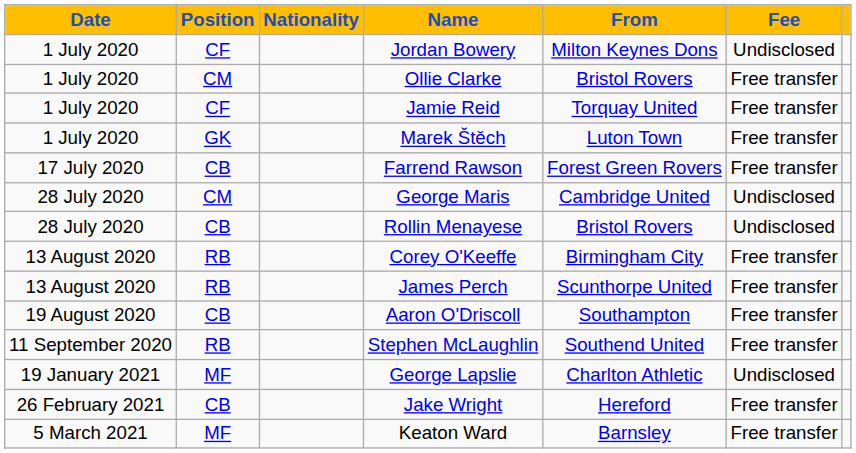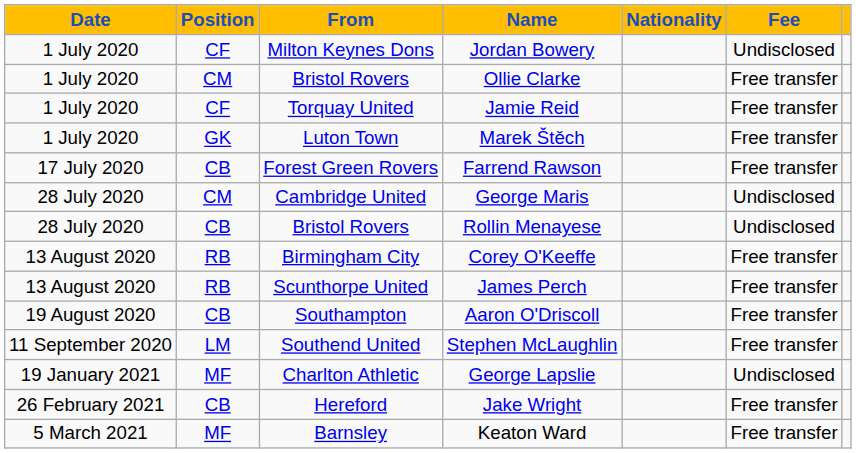 <table class="wikitable"  style="text-align:center; font-size:90%; ">
 <tr>
 <th style="background:#ffbf00; color:#1C4EBD ">Date</th>
 <th style="background:#ffbf00; color:#1C4EBD ">Position</th>
+<th style="background:#ffbf00; color:#1C4EBD ">From</th>
+<th style="background:#ffbf00; color:#1C4EBD ">Name</th>
 <th style="background:#ffbf00; color:#1C4EBD ">Nationality</th>
-<th style="background:#ffbf00; color:#1C4EBD ">Name</th>
-<th style="background:#ffbf00; color:#1C4EBD ">From</th>
 <th style="background:#ffbf00; color:#1C4EBD ">Fee</th>
 <th style="background:#ffbf00; color:#1C4EBD "></th>
 </tr>
 <tr>
 <td>1 July 2020</td>
 <td><a href='#'>CF</a></td>
+<td> <a href='#'>Milton Keynes Dons</a></td>
+<td><a href='#'>Jordan Bowery</a></td>
 <td></td>
-<td><a href='#'>Jordan Bowery</a></td>
-<td> <a href='#'>Milton Keynes Dons</a></td>
 <td>Undisclosed</td>
 <td></td>
 </tr>
 <tr>
 <td>1 July 2020</td>
 <td><a href='#'>CM</a></td>
+<td> <a href='#'>Bristol Rovers</a></td>
+<td><a href='#'>Ollie Clarke</a></td>
 <td></td>
-<td><a href='#'>Ollie Clarke</a></td>
-<td> <a href='#'>Bristol Rovers</a></td>
 <td>Free transfer</td>
 <td></td>
 </tr>
 <tr>
 <td>1 July 2020</td>
 <td><a href='#'>CF</a></td>
+<td> <a href='#'>Torquay United</a></td>
+<td><a href='#'>Jamie Reid</a></td>
 <td></td>
-<td><a href='#'>Jamie Reid</a></td>
-<td> <a href='#'>Torquay United</a></td>
 <td>Free transfer</td>
 <td></td>
 </tr>
 <tr>
 <td>1 July 2020</td>
 <td><a href='#'>GK</a></td>
+<td> <a href='#'>Luton Town</a></td>
+<td><a href='#'>Marek Štěch</a></td>
 <td></td>
-<td><a href='#'>Marek Štěch</a></td>
-<td> <a href='#'>Luton Town</a></td>
 <td>Free transfer</td>
 <td></td>
 </tr>
 <tr>
 <td>17 July 2020</td>
 <td><a href='#'>CB</a></td>
+<td> <a href='#'>Forest Green Rovers</a></td>
+<td><a href='#'>Farrend Rawson</a></td>
 <td></td>
-<td><a href='#'>Farrend Rawson</a></td>
-<td> <a href='#'>Forest Green Rovers</a></td>
 <td>Free transfer</td>
 <td></td>
 </tr>
 <tr>
 <td>28 July 2020</td>
 <td><a href='#'>CM</a></td>
+<td> <a href='#'>Cambridge United</a></td>
+<td><a href='#'>George Maris</a></td>
 <td></td>
-<td><a href='#'>George Maris</a></td>
-<td> <a href='#'>Cambridge United</a></td>
 <td>Undisclosed</td>
 <td></td>
 </tr>
 <tr>
 <td>28 July 2020</td>
 <td><a href='#'>CB</a></td>
+<td> <a href='#'>Bristol Rovers</a></td>
+<td><a href='#'>Rollin Menayese</a></td>
 <td></td>
-<td><a href='#'>Rollin Menayese</a></td>
-<td> <a href='#'>Bristol Rovers</a></td>
 <td>Undisclosed</td>
 <td></td>
 </tr>
 <tr>
 <td>13 August 2020</td>
 <td><a href='#'>RB</a></td>
+<td> <a href='#'>Birmingham City</a></td>
+<td><a href='#'>Corey O'Keeffe</a></td>
 <td></td>
-<td><a href='#'>Corey O'Keeffe</a></td>
-<td> <a href='#'>Birmingham City</a></td>
 <td>Free transfer</td>
 <td></td>
 </tr>
 <tr>
 <td>13 August 2020</td>
 <td><a href='#'>RB</a></td>
+<td> <a href='#'>Scunthorpe United</a></td>
+<td><a href='#'>James Perch</a></td>
 <td></td>
-<td><a href='#'>James Perch</a></td>
-<td> <a href='#'>Scunthorpe United</a></td>
 <td>Free transfer</td>
 <td></td>
 </tr>
 <tr>
 <td>19 August 2020</td>
 <td><a href='#'>CB</a></td>
+<td> <a href='#'>Southampton</a></td>
+<td><a href='#'>Aaron O'Driscoll</a></td>
 <td></td>
-<td><a href='#'>Aaron O'Driscoll</a></td>
-<td> <a href='#'>Southampton</a></td>
 <td>Free transfer</td>
 <td></td>
 </tr>
 <tr>
 <td>11 September 2020</td>
-<td><a href='#'>RB</a></td>
+<td><a href='#'>LM</a></td>
+<td> <a href='#'>Southend United</a></td>
+<td><a href='#'>Stephen McLaughlin</a></td>
 <td></td>
-<td><a href='#'>Stephen McLaughlin</a></td>
-<td> <a href='#'>Southend United</a></td>
 <td>Free transfer</td>
 <td></td>
 </tr>
 <tr>
 <td>19 January 2021</td>
 <td><a href='#'>MF</a></td>
+<td> <a href='#'>Charlton Athletic</a></td>
+<td><a href='#'>George Lapslie</a></td>
 <td></td>
-<td><a href='#'>George Lapslie</a></td>
-<td> <a href='#'>Charlton Athletic</a></td>
 <td>Undisclosed</td>
 <td></td>
 </tr>
 <tr>
 <td>26 February 2021</td>
 <td><a href='#'>CB</a></td>
+<td> <a href='#'>Hereford</a></td>
+<td><a href='#'>Jake Wright</a></td>
 <td></td>
-<td><a href='#'>Jake Wright</a></td>
-<td> <a href='#'>Hereford</a></td>
 <td>Free transfer</td>
 <td></td>
 </tr>
 <tr>
 <td>5 March 2021</td>
 <td><a href='#'>MF</a></td>
+<td> <a href='#'>Barnsley</a></td>
+<td>Keaton Ward</td>
 <td></td>
-<td>Keaton Ward</td>
-<td> <a href='#'>Barnsley</a></td>
 <td>Free transfer</td>
 <td></td>
 </tr>
 </table>
